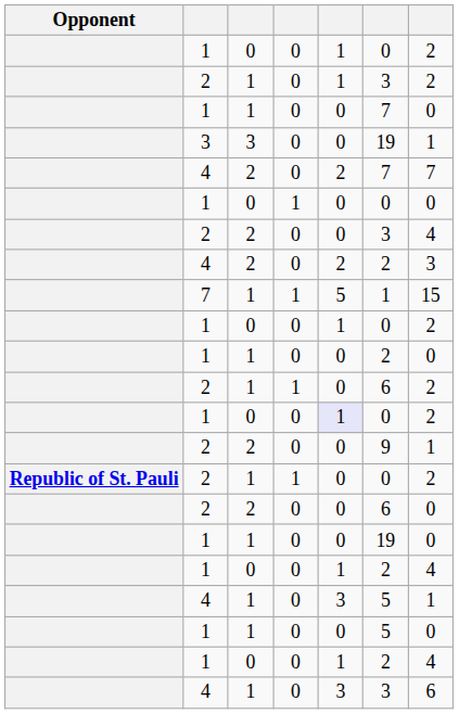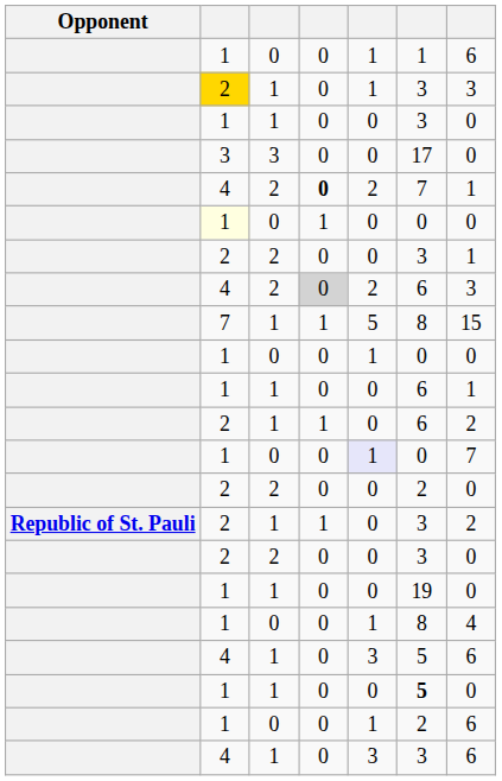 <table class="wikitable sortable plainrowheaders" style="text-align:center">
 <tr>
 <th scope=col>Opponent</th>
 <th scope=col width=30></th>
 <th scope=col width=30></th>
 <th scope=col width=30></th>
 <th scope=col width=30></th>
 <th scope=col width=30></th>
 <th scope=col width=30></th>
 </tr>
 <tr>
 <th scope=row></th>
 <td>1</td>
 <td>0</td>
 <td>0</td>
 <td>1</td>
-<td>0</td>
-<td>2</td>
+<td>1</td>
+<td>6</td>
 </tr>
 <tr>
 <th scope=row></th>
-<td>2</td>
+<td style="background: gold;">2</td>
 <td>1</td>
 <td>0</td>
 <td>1</td>
 <td>3</td>
-<td>2</td>
+<td>3</td>
 </tr>
 <tr>
 <th scope=row></th>
 <td>1</td>
 <td>1</td>
 <td>0</td>
 <td>0</td>
-<td>7</td>
+<td>3</td>
 <td>0</td>
 </tr>
 <tr>
 <th scope=row></th>
 <td>3</td>
 <td>3</td>
 <td>0</td>
 <td>0</td>
-<td>19</td>
-<td>1</td>
+<td>17</td>
+<td>0</td>
 </tr>
 <tr>
 <th scope=row></th>
 <td>4</td>
 <td>2</td>
-<td>0</td>
+<td><strong>0</strong></td>
 <td>2</td>
 <td>7</td>
-<td>7</td>
+<td>1</td>
 </tr>
 <tr>
 <th scope=row></th>
-<td>1</td>
+<td style="background: lightyellow;">1</td>
 <td>0</td>
 <td>1</td>
 <td>0</td>
 <td>0</td>
 <td>0</td>
 </tr>
 <tr>
 <th scope=row></th>
 <td>2</td>
 <td>2</td>
 <td>0</td>
 <td>0</td>
 <td>3</td>
-<td>4</td>
+<td>1</td>
 </tr>
 <tr>
 <th scope=row></th>
 <td>4</td>
 <td>2</td>
-<td>0</td>
+<td style="background: lightgrey;">0</td>
 <td>2</td>
-<td>2</td>
+<td>6</td>
 <td>3</td>
 </tr>
 <tr>
 <th scope=row></th>
 <td>7</td>
 <td>1</td>
 <td>1</td>
 <td>5</td>
-<td>1</td>
+<td>8</td>
 <td>15</td>
 </tr>
 <tr>
 <th scope=row></th>
 <td>1</td>
 <td>0</td>
 <td>0</td>
 <td>1</td>
 <td>0</td>
-<td>2</td>
+<td>0</td>
 </tr>
 <tr>
 <th scope=row></th>
 <td>1</td>
 <td>1</td>
 <td>0</td>
 <td>0</td>
-<td>2</td>
-<td>0</td>
+<td>6</td>
+<td>1</td>
 </tr>
 <tr>
 <th scope=row></th>
 <td>2</td>
 <td>1</td>
 <td>1</td>
 <td>0</td>
 <td>6</td>
 <td>2</td>
 </tr>
 <tr>
 <th scope=row></th>
 <td>1</td>
 <td>0</td>
 <td>0</td>
 <td style="background: lavender;">1</td>
 <td>0</td>
+<td>7</td>
+</tr>
+<tr>
+<th scope=row></th>
+<td>2</td>
+<td>2</td>
+<td>0</td>
+<td>0</td>
+<td>2</td>
+<td>0</td>
+</tr>
+<tr>
+<th scope=row> <a href='#'>Republic of St. Pauli</a></th>
+<td>2</td>
+<td>1</td>
+<td>1</td>
+<td>0</td>
+<td>3</td>
 <td>2</td>
 </tr>
 <tr>
 <th scope=row></th>
 <td>2</td>
 <td>2</td>
 <td>0</td>
 <td>0</td>
-<td>9</td>
-<td>1</td>
-</tr>
-<tr>
-<th scope=row> <a href='#'>Republic of St. Pauli</a></th>
-<td>2</td>
-<td>1</td>
-<td>1</td>
-<td>0</td>
-<td>0</td>
-<td>2</td>
-</tr>
-<tr>
-<th scope=row></th>
-<td>2</td>
-<td>2</td>
-<td>0</td>
-<td>0</td>
-<td>6</td>
+<td>3</td>
 <td>0</td>
 </tr>
 <tr>
 <th scope=row></th>
 <td>1</td>
 <td>1</td>
 <td>0</td>
 <td>0</td>
 <td>19</td>
 <td>0</td>
 </tr>
 <tr>
 <th scope=row></th>
 <td>1</td>
 <td>0</td>
 <td>0</td>
 <td>1</td>
-<td>2</td>
+<td>8</td>
 <td>4</td>
 </tr>
 <tr>
 <th scope=row></th>
 <td>4</td>
 <td>1</td>
 <td>0</td>
 <td>3</td>
 <td>5</td>
-<td>1</td>
+<td>6</td>
 </tr>
 <tr>
 <th scope=row></th>
 <td>1</td>
 <td>1</td>
 <td>0</td>
 <td>0</td>
-<td>5</td>
+<td><strong>5</strong></td>
 <td>0</td>
 </tr>
 <tr>
 <th scope=row></th>
 <td>1</td>
 <td>0</td>
 <td>0</td>
 <td>1</td>
 <td>2</td>
-<td>4</td>
+<td>6</td>
 </tr>
 <tr>
 <th scope=row></th>
 <td>4</td>
 <td>1</td>
 <td>0</td>
 <td>3</td>
 <td>3</td>
 <td>6</td>
 </tr>
 </table>
